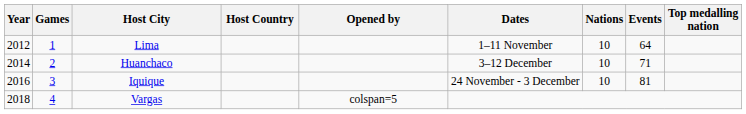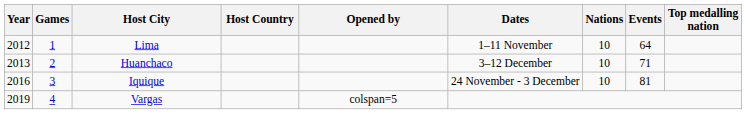 <table class="wikitable" style="text-align:center">
 <tr>
 <th width=20>Year</th>
 <th width=20>Games</th>
 <th width=200>Host City</th>
 <th width=100>Host  Country</th>
 <th width=200>Opened by</th>
 <th width=180>Dates</th>
 <th width=20>Nations</th>
 <th width=20>Events</th>
 <th width=100>Top medalling<br>nation</th>
 </tr>
 <tr b>
 <td>2012</td>
 <td><a href='#'>1</a></td>
 <td><a href='#'>Lima</a></td>
 <td align="left"></td>
 <td></td>
 <td>1–11 November</td>
 <td>10</td>
 <td>64</td>
 <td align="left"></td>
 </tr>
 <tr b>
-<td>2014</td>
+<td>2013</td>
 <td><a href='#'>2</a></td>
 <td><a href='#'>Huanchaco</a></td>
 <td align="left"></td>
 <td></td>
 <td>3–12 December</td>
 <td>10</td>
 <td>71</td>
 <td align="left"></td>
 </tr>
 <tr b>
 <td>2016</td>
 <td><a href='#'>3</a></td>
 <td><a href='#'>Iquique</a></td>
 <td align="left"></td>
 <td></td>
 <td>24 November - 3 December</td>
 <td>10</td>
 <td>81</td>
 <td align="left"></td>
 </tr>
 <tr>
-<td>2018</td>
+<td>2019</td>
 <td><a href='#'>4</a></td>
 <td><a href='#'>Vargas</a></td>
 <td align="left"></td>
 <td>colspan=5 </td>
 </tr>
 </table>
